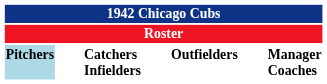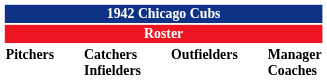 <table class="toccolours" style="font-size: 95%;">
 <tr>
 <th colspan="10" style="background-color: #0e3386; color: white; text-align: center;">1942 Chicago Cubs</th>
 </tr>
 <tr>
 <td colspan="10" style="background-color: #EE1422; color: white; text-align: center;"><strong>Roster</strong></td>
 </tr>
 <tr>
-<td valign="top" style="background: lightblue;"><strong>Pitchers</strong><br>                 </td>
+<td valign="top"><strong>Pitchers</strong><br>                 </td>
 <td width="25px"></td>
 <td valign="top"><strong>Catchers</strong><br>     <strong>Infielders</strong>        </td>
 <td width="25px"></td>
 <td valign="top"><strong>Outfielders</strong><br>       </td>
 <td width="25px"></td>
 <td valign="top"><strong>Manager</strong><br> <strong>Coaches</strong>  </td>
 </tr>
 </table>
